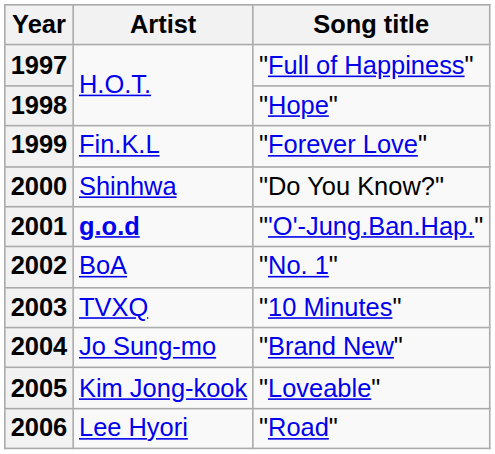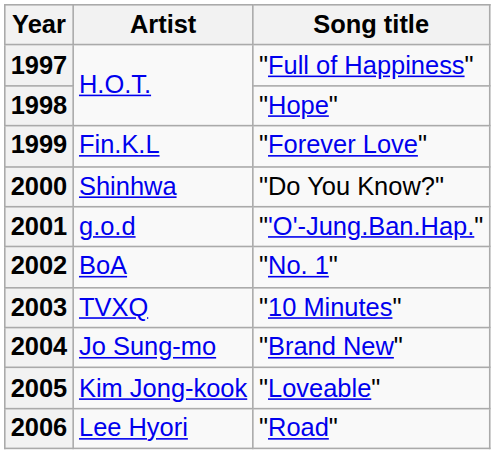 <table class="wikitable plainrowheaders">
 <tr>
 <th>Year</th>
 <th>Artist</th>
 <th>Song title</th>
 </tr>
 <tr>
 <th scope="row">1997</th>
 <td rowspan="2"><a href='#'>H.O.T.</a></td>
 <td>"<a href='#'>Full of Happiness</a>"</td>
 </tr>
 <tr>
 <th scope="row">1998</th>
 <td>"<a href='#'>Hope</a>"</td>
 </tr>
 <tr>
 <th scope="row">1999</th>
 <td><a href='#'>Fin.K.L</a></td>
 <td>"<a href='#'>Forever Love</a>"</td>
 </tr>
 <tr>
 <th scope="row">2000</th>
 <td><a href='#'>Shinhwa</a></td>
 <td>"Do You Know?"</td>
 </tr>
 <tr>
 <th scope="row">2001</th>
-<td><strong><a href='#'>g.o.d</a></strong></td>
+<td><a href='#'>g.o.d</a></td>
 <td>"<a href='#'>'O'-Jung.Ban.Hap.</a>"</td>
 </tr>
 <tr>
 <th scope="row">2002</th>
 <td><a href='#'>BoA</a></td>
 <td>"<a href='#'>No. 1</a>"</td>
 </tr>
 <tr>
 <th scope="row">2003</th>
 <td><a href='#'>TVXQ</a></td>
 <td>"<a href='#'>10 Minutes</a>"</td>
 </tr>
 <tr>
 <th scope="row">2004</th>
 <td><a href='#'>Jo Sung-mo</a></td>
 <td>"<a href='#'>Brand New</a>"</td>
 </tr>
 <tr>
 <th scope="row">2005</th>
 <td><a href='#'>Kim Jong-kook</a></td>
 <td>"<a href='#'>Loveable</a>"</td>
 </tr>
 <tr>
 <th scope="row">2006</th>
 <td><a href='#'>Lee Hyori</a></td>
 <td>"<a href='#'>Road</a>"</td>
 </tr>
 </table>
